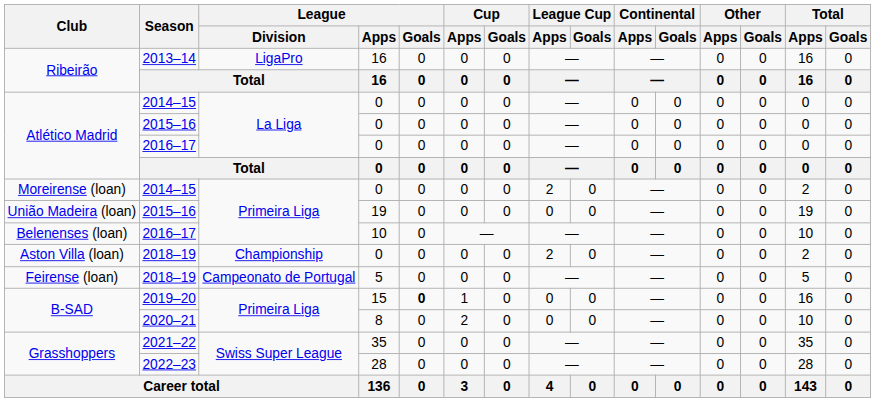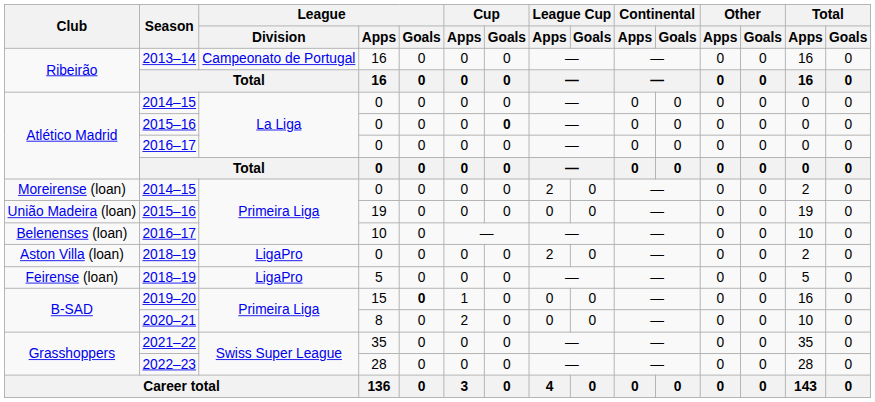 <table class="wikitable" style="text-align:center">
 <tr>
 <th rowspan="2">Club</th>
 <th rowspan="2">Season</th>
 <th colspan="3">League</th>
 <th colspan="2">Cup</th>
 <th colspan="2">League Cup</th>
 <th colspan="2">Continental</th>
 <th colspan="2">Other</th>
 <th colspan="2">Total</th>
 </tr>
 <tr>
 <th>Division</th>
 <th>Apps</th>
 <th>Goals</th>
 <th>Apps</th>
 <th>Goals</th>
 <th>Apps</th>
 <th>Goals</th>
 <th>Apps</th>
 <th>Goals</th>
 <th>Apps</th>
 <th>Goals</th>
 <th>Apps</th>
 <th>Goals</th>
 </tr>
 <tr>
 <td rowspan="2"><a href='#'>Ribeirão</a></td>
 <td><a href='#'>2013–14</a></td>
-<td><a href='#'>LigaPro</a></td>
+<td rowspan="1"><a href='#'>Campeonato de Portugal</a></td>
 <td>16</td>
 <td>0</td>
 <td>0</td>
 <td>0</td>
 <td colspan="2">—</td>
 <td colspan="2">—</td>
 <td>0</td>
 <td>0</td>
 <td>16</td>
 <td>0</td>
 </tr>
 <tr>
 <th colspan="2">Total</th>
 <th>16</th>
 <th>0</th>
 <th>0</th>
 <th>0</th>
 <th colspan="2">—</th>
 <th colspan="2">—</th>
 <th>0</th>
 <th>0</th>
 <th>16</th>
 <th>0</th>
 </tr>
 <tr>
 <td rowspan="4"><a href='#'>Atlético Madrid</a></td>
 <td><a href='#'>2014–15</a></td>
 <td rowspan="3"><a href='#'>La Liga</a></td>
 <td>0</td>
 <td>0</td>
 <td>0</td>
 <td>0</td>
 <td colspan="2">—</td>
 <td>0</td>
 <td>0</td>
 <td>0</td>
 <td>0</td>
 <td>0</td>
 <td>0</td>
 </tr>
 <tr>
 <td><a href='#'>2015–16</a></td>
 <td>0</td>
 <td>0</td>
 <td>0</td>
-<td>0</td>
+<td><strong>0</strong></td>
 <td colspan="2">—</td>
 <td>0</td>
 <td>0</td>
 <td>0</td>
 <td>0</td>
 <td>0</td>
 <td>0</td>
 </tr>
 <tr>
 <td><a href='#'>2016–17</a></td>
 <td>0</td>
 <td>0</td>
 <td>0</td>
 <td>0</td>
 <td colspan="2">—</td>
 <td>0</td>
 <td>0</td>
 <td>0</td>
 <td>0</td>
 <td>0</td>
 <td>0</td>
 </tr>
 <tr>
 <th colspan="2">Total</th>
 <th>0</th>
 <th>0</th>
 <th>0</th>
 <th>0</th>
 <th colspan="2">—</th>
 <th>0</th>
 <th>0</th>
 <th>0</th>
 <th>0</th>
 <th>0</th>
 <th>0</th>
 </tr>
 <tr>
 <td rowspan="1"><a href='#'>Moreirense</a> (loan)</td>
 <td><a href='#'>2014–15</a></td>
 <td rowspan="3"><a href='#'>Primeira Liga</a></td>
 <td>0</td>
 <td>0</td>
 <td>0</td>
 <td>0</td>
 <td>2</td>
 <td>0</td>
 <td colspan="2">—</td>
 <td>0</td>
 <td>0</td>
 <td>2</td>
 <td>0</td>
 </tr>
 <tr>
 <td rowspan="1"><a href='#'>União Madeira</a> (loan)</td>
 <td><a href='#'>2015–16</a></td>
 <td>19</td>
 <td>0</td>
 <td>0</td>
 <td>0</td>
 <td>0</td>
 <td>0</td>
 <td colspan="2">—</td>
 <td>0</td>
 <td>0</td>
 <td>19</td>
 <td>0</td>
 </tr>
 <tr>
 <td rowspan="1"><a href='#'>Belenenses</a> (loan)</td>
 <td><a href='#'>2016–17</a></td>
 <td>10</td>
 <td>0</td>
 <td colspan="2">—</td>
 <td colspan="2">—</td>
 <td colspan="2">—</td>
 <td>0</td>
 <td>0</td>
 <td>10</td>
 <td>0</td>
 </tr>
 <tr>
 <td><a href='#'>Aston Villa</a> (loan)</td>
 <td><a href='#'>2018–19</a></td>
-<td><a href='#'>Championship</a></td>
+<td><a href='#'>LigaPro</a></td>
 <td>0</td>
 <td>0</td>
 <td>0</td>
 <td>0</td>
 <td>2</td>
 <td>0</td>
 <td colspan="2">—</td>
 <td>0</td>
 <td>0</td>
 <td>2</td>
 <td>0</td>
 </tr>
 <tr>
 <td><a href='#'>Feirense</a> (loan)</td>
 <td><a href='#'>2018–19</a></td>
-<td rowspan="1"><a href='#'>Campeonato de Portugal</a></td>
+<td><a href='#'>LigaPro</a></td>
 <td>5</td>
 <td>0</td>
 <td>0</td>
 <td>0</td>
 <td colspan="2">—</td>
 <td colspan="2">—</td>
 <td>0</td>
 <td>0</td>
 <td>5</td>
 <td>0</td>
 </tr>
 <tr>
 <td rowspan=2><a href='#'>B-SAD</a></td>
 <td><a href='#'>2019–20</a></td>
 <td rowspan=2><a href='#'>Primeira Liga</a></td>
 <td>15</td>
 <td><strong>0</strong></td>
 <td>1</td>
 <td>0</td>
 <td>0</td>
 <td>0</td>
 <td colspan="2">—</td>
 <td>0</td>
 <td>0</td>
 <td>16</td>
 <td>0</td>
 </tr>
 <tr>
 <td><a href='#'>2020–21</a></td>
 <td>8</td>
 <td>0</td>
 <td>2</td>
 <td>0</td>
 <td>0</td>
 <td>0</td>
 <td colspan="2">—</td>
 <td>0</td>
 <td>0</td>
 <td>10</td>
 <td>0</td>
 </tr>
 <tr>
 <td rowspan=2><a href='#'>Grasshoppers</a></td>
 <td><a href='#'>2021–22</a></td>
 <td rowspan=2><a href='#'>Swiss Super League</a></td>
 <td>35</td>
 <td>0</td>
 <td>0</td>
 <td>0</td>
 <td colspan="2">—</td>
 <td colspan="2">—</td>
 <td>0</td>
 <td>0</td>
 <td>35</td>
 <td>0</td>
 </tr>
 <tr>
 <td><a href='#'>2022–23</a></td>
 <td>28</td>
 <td>0</td>
 <td>0</td>
 <td>0</td>
 <td colspan="2">—</td>
 <td colspan="2">—</td>
 <td>0</td>
 <td>0</td>
 <td>28</td>
 <td>0</td>
 </tr>
 <tr>
 <th colspan="3">Career total</th>
 <th>136</th>
 <th>0</th>
 <th>3</th>
 <th>0</th>
 <th>4</th>
 <th>0</th>
 <th>0</th>
 <th>0</th>
 <th>0</th>
 <th>0</th>
 <th>143</th>
 <th>0</th>
 </tr>
 </table>
